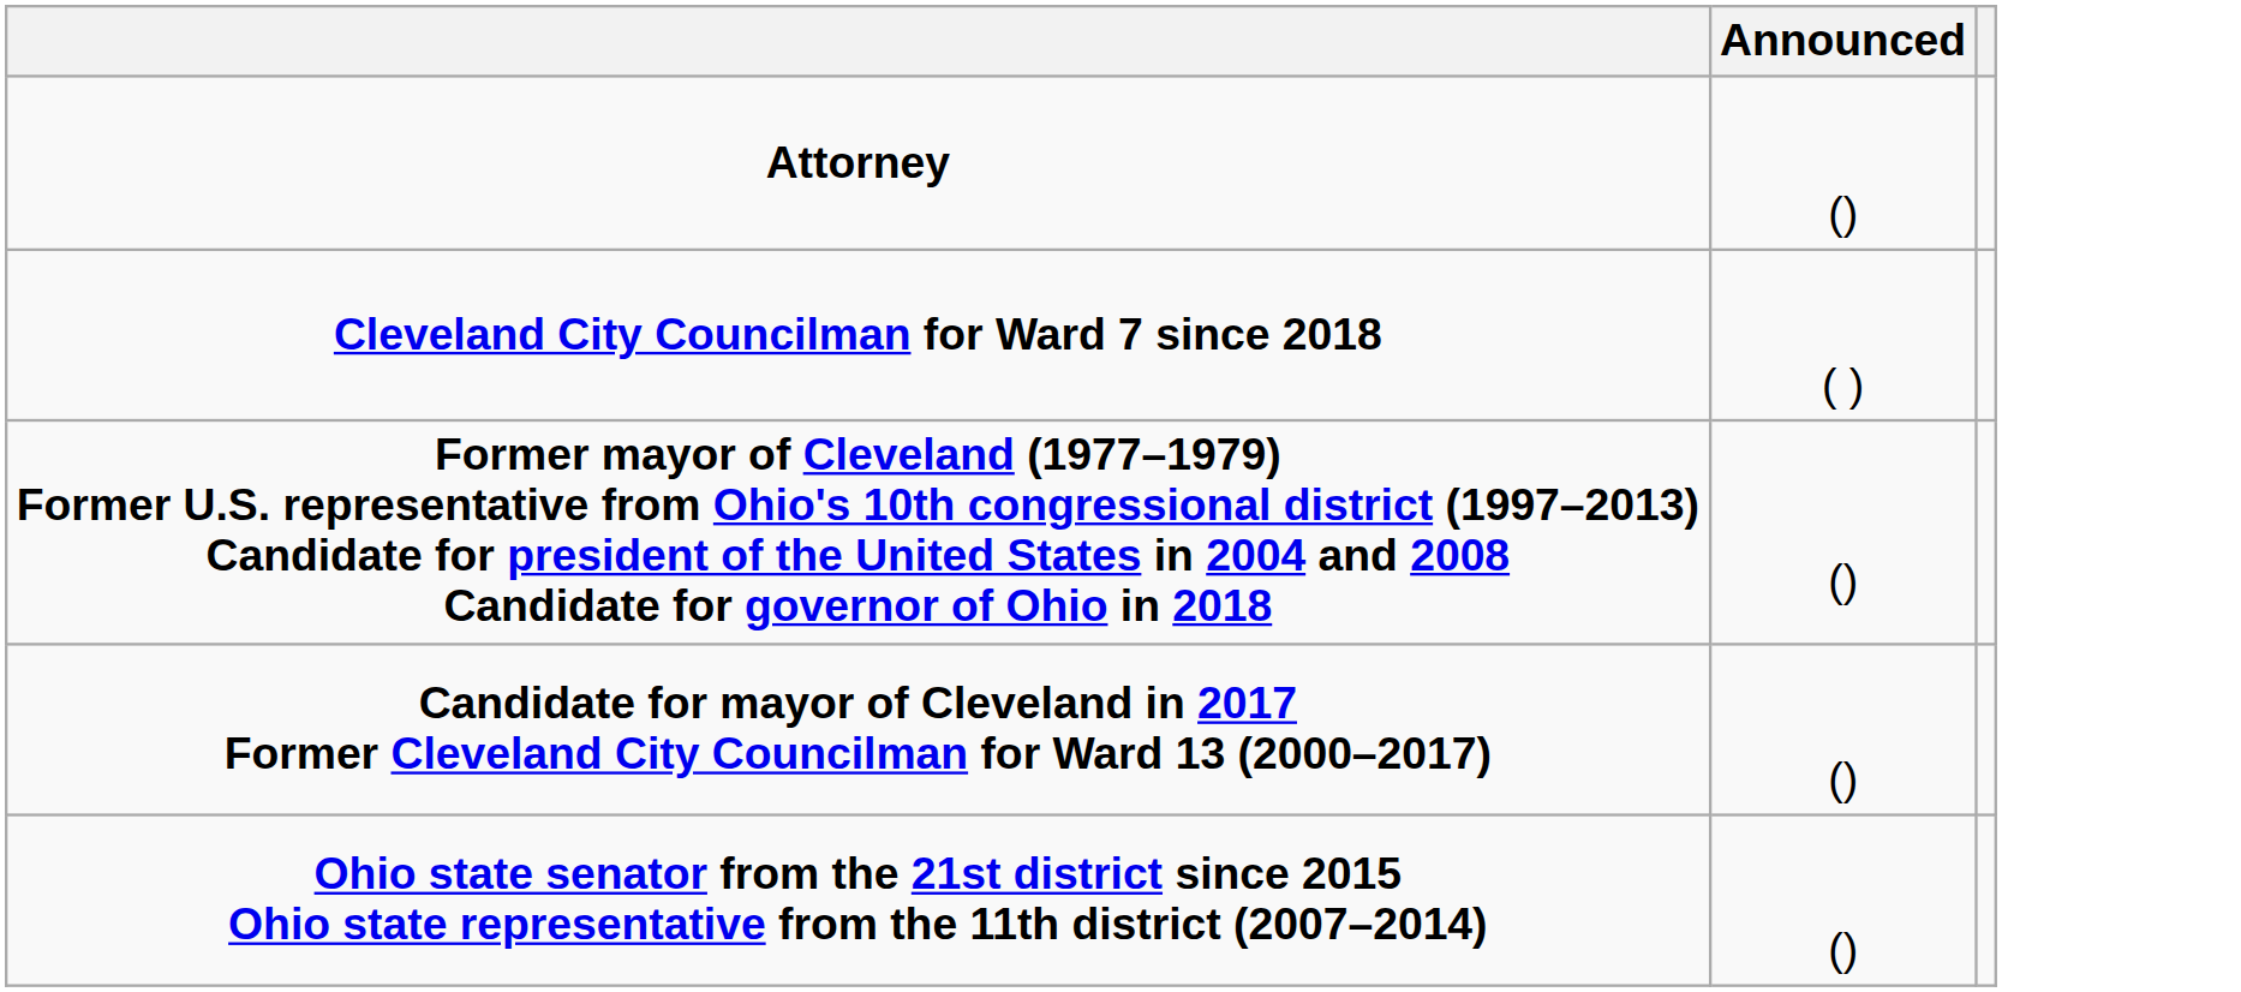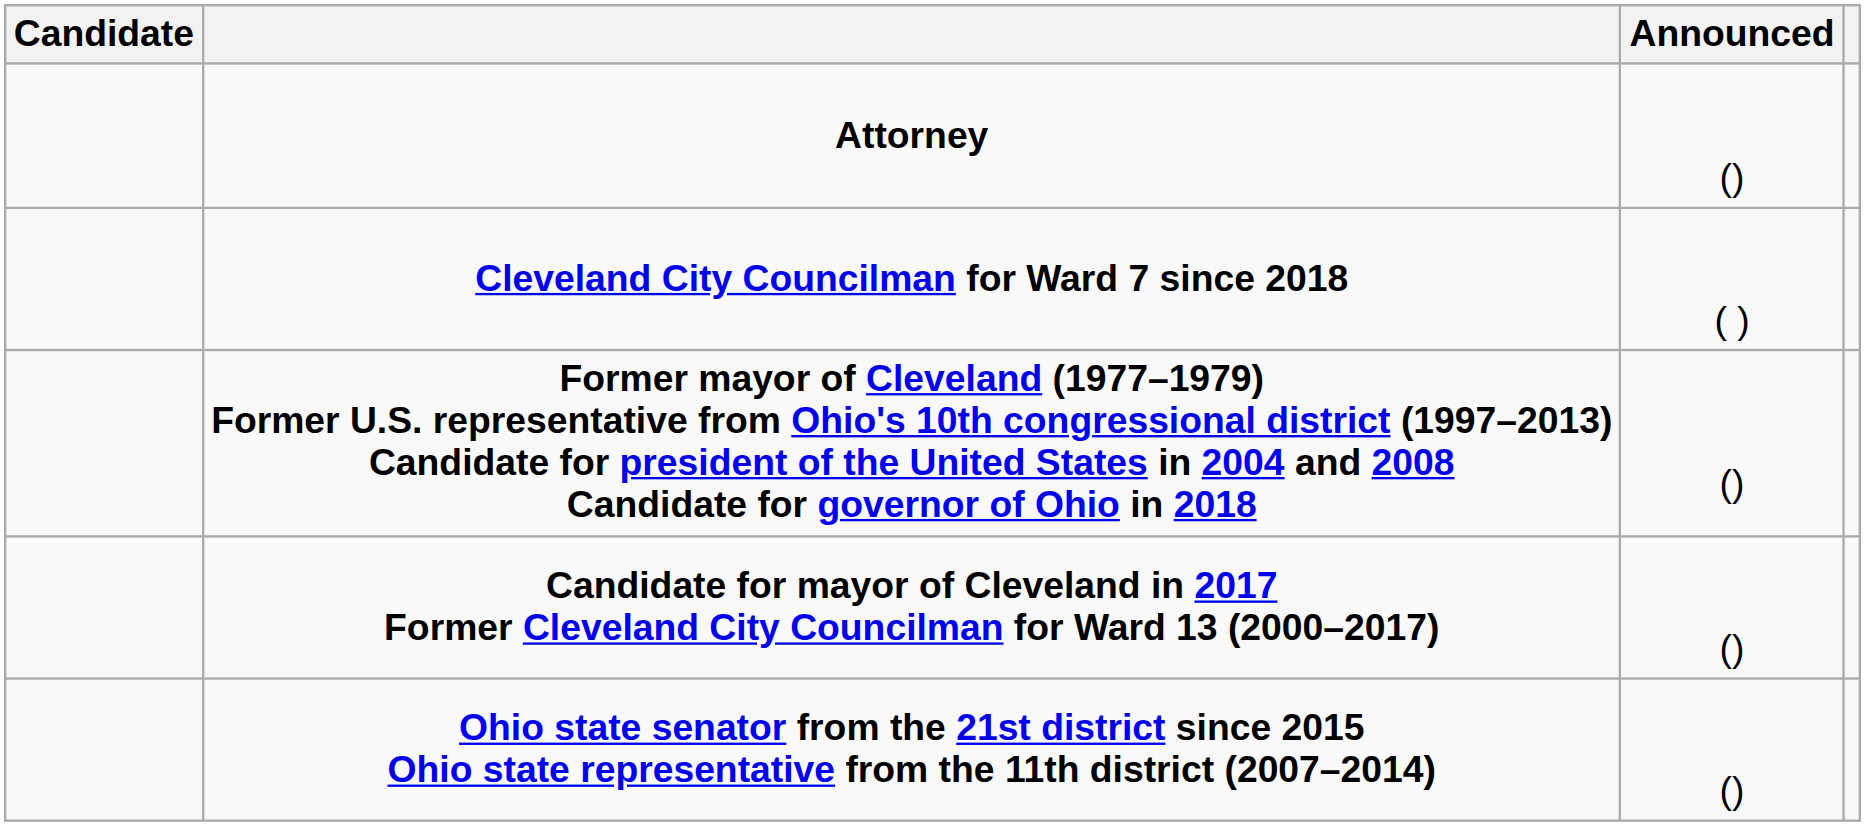 <table class="wikitable sortable" style="text-align:center">
 <tr>
+<th>Candidate</th>
 <th class="unsortable"></th>
 <th>Announced</th>
 <th class="unsortable"></th>
 </tr>
 <tr>
+<td></td>
 <td><strong>Attorney</strong></td>
 <td><br><br>()</td>
 <td></td>
 </tr>
 <tr>
+<td></td>
 <td><strong><a href='#'>Cleveland City Councilman</a> for Ward 7 since 2018</strong></td>
 <td><br><br>( )</td>
 <td></td>
 </tr>
 <tr>
+<td></td>
 <td><strong>Former mayor of <a href='#'>Cleveland</a> (1977–1979)</strong><br><strong>Former U.S. representative from <a href='#'>Ohio's 10th congressional district</a> (1997–2013)</strong><br> <strong>Candidate for <a href='#'>president of the United States</a> in <a href='#'>2004</a> and <a href='#'>2008</a></strong><br> <strong>Candidate for <a href='#'>governor of Ohio</a> in <a href='#'>2018</a></strong></td>
 <td><br><br>()</td>
 <td></td>
 </tr>
 <tr>
+<td></td>
 <td><strong>Candidate for mayor of Cleveland in <a href='#'>2017</a></strong><br><strong>Former <a href='#'>Cleveland City Councilman</a> for Ward 13 (2000–2017)</strong></td>
 <td><br><br>()</td>
 <td></td>
 </tr>
 <tr>
+<td></td>
 <td><strong><a href='#'>Ohio state senator</a> from the <a href='#'>21st district</a> since 2015</strong><br><strong><a href='#'>Ohio state representative</a> from the 11th district (2007–2014)</strong></td>
 <td><br><br>()</td>
 <td></td>
 </tr>
 </table>
